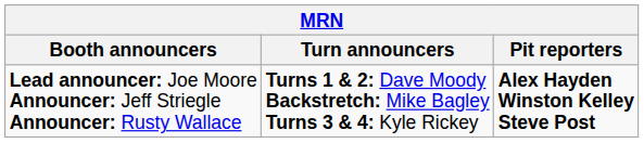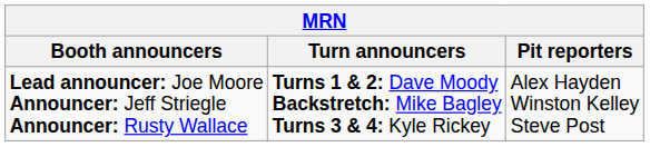 <table class="wikitable" style="font-size: 95%;">
 <tr>
 <th colspan="3"><a href='#'>MRN</a></th>
 </tr>
 <tr>
 <th>Booth announcers</th>
 <th>Turn announcers</th>
 <th>Pit reporters</th>
 </tr>
 <tr>
 <td><strong>Lead announcer:</strong> Joe Moore<br><strong>Announcer:</strong> Jeff Striegle<br><strong>Announcer:</strong> <a href='#'>Rusty Wallace</a></td>
 <td><strong>Turns 1 & 2:</strong> <a href='#'>Dave Moody</a><br><strong>Backstretch:</strong> <a href='#'>Mike Bagley</a><br><strong>Turns 3 & 4:</strong> Kyle Rickey</td>
-<td><strong>Alex Hayden<br>Winston Kelley<br>Steve Post</strong></td>
+<td>Alex Hayden<br>Winston Kelley<br>Steve Post</td>
 </tr>
 </table>
